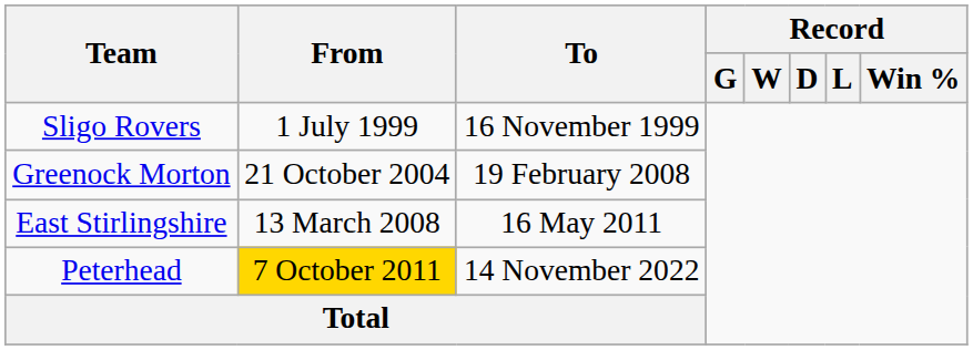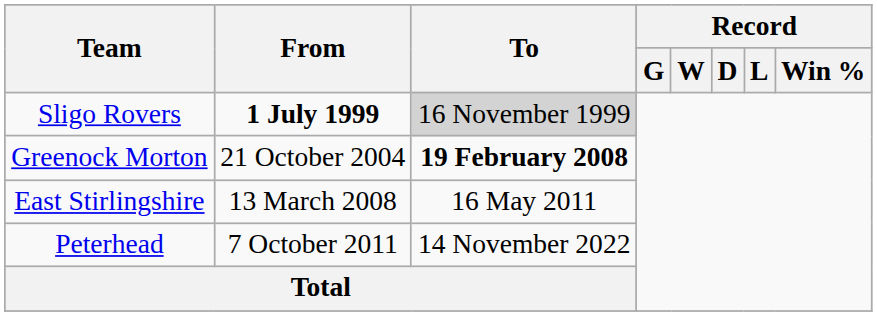 <table class="wikitable" style="text-align: center">
 <tr>
 <th rowspan="2">Team</th>
 <th rowspan="2">From</th>
 <th rowspan="2">To</th>
 <th colspan="5">Record</th>
 </tr>
 <tr>
 <th>G</th>
 <th>W</th>
 <th>D</th>
 <th>L</th>
 <th>Win %</th>
 </tr>
 <tr>
 <td align=centre><a href='#'>Sligo Rovers</a></td>
-<td align=centre>1 July 1999</td>
-<td align=centre>16 November 1999<br></td>
+<td align=centre><strong>1 July 1999</strong></td>
+<td align=centre style="background: lightgrey;">16 November 1999<br></td>
 </tr>
 <tr>
 <td align=centre><a href='#'>Greenock Morton</a></td>
 <td align=centre>21 October 2004</td>
-<td align=centre>19 February 2008<br></td>
+<td align=centre><strong>19 February 2008<br></strong></td>
 </tr>
 <tr>
 <td align=centre><a href='#'>East Stirlingshire</a></td>
 <td align=centre>13 March 2008</td>
 <td align=centre>16 May 2011<br></td>
 </tr>
 <tr>
 <td align=centre><a href='#'>Peterhead</a></td>
-<td align=centre style="background: gold;">7 October 2011</td>
+<td align=centre>7 October 2011</td>
 <td align=centre>14 November 2022<br></td>
 </tr>
 <tr>
 <th colspan=3>Total<br></th>
 </tr>
 </table>
